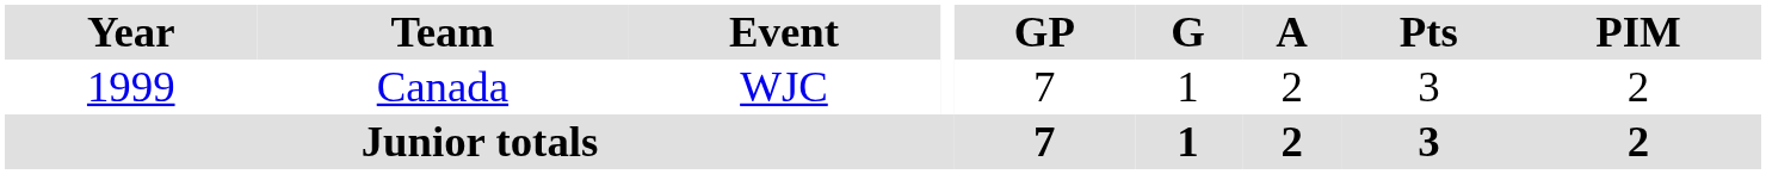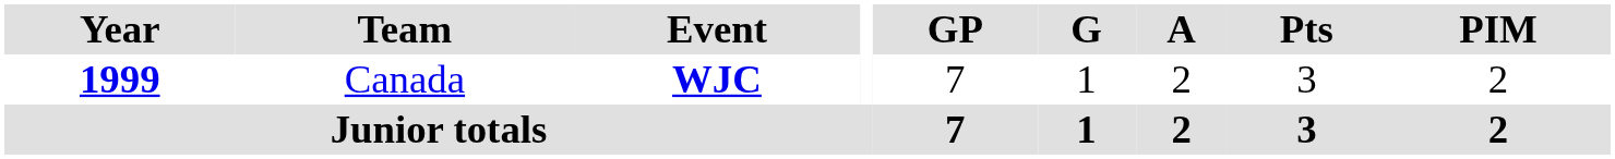 <table border="0" cellpadding="1" cellspacing="0" ID="Table3" style="text-align:center; width:40em">
 <tr bgcolor="#e0e0e0">
 <th>Year</th>
 <th>Team</th>
 <th>Event</th>
 <th rowspan="102" bgcolor="#ffffff"></th>
 <th>GP</th>
 <th>G</th>
 <th>A</th>
 <th>Pts</th>
 <th>PIM</th>
 </tr>
 <tr>
-<td><a href='#'>1999</a></td>
+<td><strong><a href='#'>1999</a></strong></td>
 <td><a href='#'>Canada</a></td>
-<td><a href='#'>WJC</a></td>
+<td><strong><a href='#'>WJC</a></strong></td>
 <td>7</td>
 <td>1</td>
 <td>2</td>
 <td>3</td>
 <td>2</td>
 </tr>
 <tr bgcolor="#e0e0e0">
 <th colspan="4">Junior totals</th>
 <th>7</th>
 <th>1</th>
 <th>2</th>
 <th>3</th>
 <th>2</th>
 </tr>
 </table>
